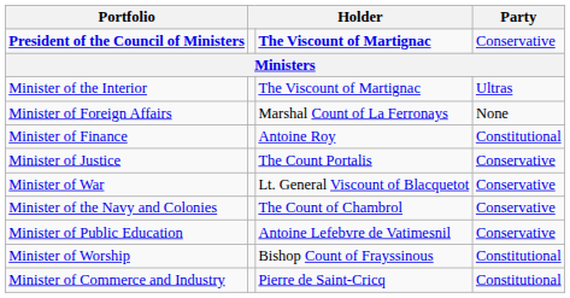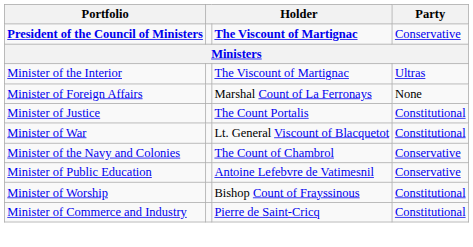 <table class="wikitable">
 <tr>
 <th>Portfolio</th>
 <th colspan=2>Holder</th>
 <th>Party</th>
 </tr>
 <tr>
 <td><strong><a href='#'>President of the Council of Ministers</a></strong></td>
 <td style="background:"></td>
 <td><strong><a href='#'>The Viscount of Martignac</a></strong><br></td>
 <td><a href='#'>Conservative</a></td>
 </tr>
 <tr>
 <th colspan=4 align=center><a href='#'>Ministers</a></th>
 </tr>
 <tr>
 <td><a href='#'>Minister of the Interior</a></td>
 <td style="background:"></td>
 <td><a href='#'>The Viscount of Martignac</a></td>
 <td><a href='#'>Ultras</a></td>
 </tr>
 <tr>
 <td><a href='#'>Minister of Foreign Affairs</a></td>
 <td style="background:"></td>
 <td>Marshal <a href='#'>Count of La Ferronays</a></td>
 <td>None</td>
 </tr>
 <tr>
-<td><a href='#'>Minister of Finance</a></td>
-<td style="background:"></td>
-<td><a href='#'>Antoine Roy</a></td>
-<td><a href='#'>Constitutional</a></td>
-</tr>
-<tr>
 <td><a href='#'>Minister of Justice</a></td>
 <td style="background:"></td>
 <td><a href='#'>The Count Portalis</a></td>
-<td><a href='#'>Conservative</a></td>
+<td><a href='#'>Constitutional</a></td>
 </tr>
 <tr>
 <td><a href='#'>Minister of War</a></td>
 <td style="background:"></td>
 <td>Lt. General <a href='#'>Viscount of Blacquetot</a></td>
-<td><a href='#'>Conservative</a></td>
+<td><a href='#'>Constitutional</a></td>
 </tr>
 <tr>
 <td><a href='#'>Minister of the Navy and Colonies</a></td>
 <td style="background:"></td>
 <td><a href='#'>The Count of Chambrol</a></td>
 <td><a href='#'>Conservative</a></td>
 </tr>
 <tr>
 <td><a href='#'>Minister of Public Education</a></td>
 <td style="background:"></td>
 <td><a href='#'>Antoine Lefebvre de Vatimesnil</a></td>
 <td><a href='#'>Conservative</a></td>
 </tr>
 <tr>
 <td><a href='#'>Minister of Worship</a></td>
 <td style="background:"></td>
 <td>Bishop <a href='#'>Count of Frayssinous</a></td>
 <td><a href='#'>Constitutional</a></td>
 </tr>
 <tr>
 <td><a href='#'>Minister of Commerce and Industry</a></td>
 <td style="background:"></td>
 <td><a href='#'>Pierre de Saint-Cricq</a></td>
 <td><a href='#'>Constitutional</a></td>
 </tr>
 </table>
